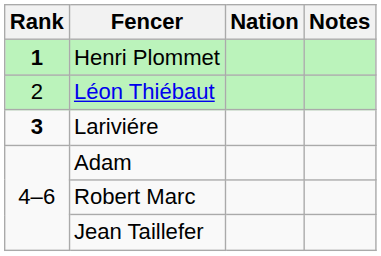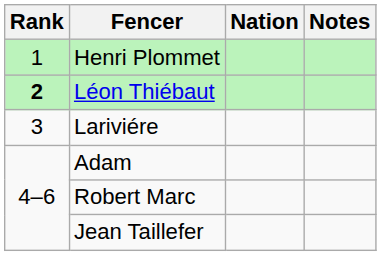 <table class="wikitable sortable" style="text-align:center">
 <tr>
 <th>Rank</th>
 <th>Fencer</th>
 <th>Nation</th>
 <th>Notes</th>
 </tr>
 <tr bgcolor=bbf3bb>
-<td><strong>1</strong></td>
+<td>1</td>
 <td align=left>Henri Plommet</td>
 <td align=left></td>
 <td></td>
 </tr>
 <tr bgcolor=bbf3bb>
-<td>2</td>
+<td><strong>2</strong></td>
 <td align=left><a href='#'>Léon Thiébaut</a></td>
 <td align=left></td>
 <td></td>
 </tr>
 <tr>
-<td><strong>3</strong></td>
+<td>3</td>
 <td align=left>Lariviére</td>
 <td align=left></td>
 <td></td>
 </tr>
 <tr>
 <td rowspan=3 align=center>4–6</td>
 <td align=left>Adam</td>
 <td align=left></td>
 <td></td>
 </tr>
 <tr>
 <td align=left>Robert Marc</td>
 <td align=left></td>
 <td></td>
 </tr>
 <tr>
 <td align=left>Jean Taillefer</td>
 <td align=left></td>
 <td></td>
 </tr>
 </table>
